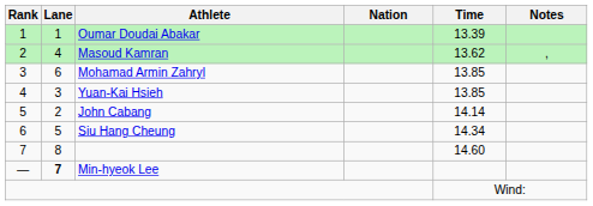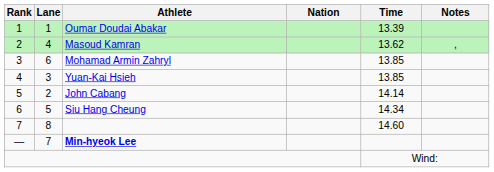 <table class="wikitable sortable" style="text-align:center;width: 60%;">
 <tr>
 <th scope="col" style="width: 10px;">Rank</th>
 <th scope="col" style="width: 10px;">Lane</th>
 <th scope="col">Athlete</th>
 <th scope="col">Nation</th>
 <th scope="col">Time</th>
 <th scope="col">Notes</th>
 </tr>
 <tr bgcolor=bbf3bb>
 <td>1</td>
 <td>1</td>
 <td align="left"><a href='#'>Oumar Doudai Abakar</a></td>
 <td align="left"></td>
 <td>13.39</td>
 <td></td>
 </tr>
 <tr bgcolor=bbf3bb>
 <td>2</td>
 <td>4</td>
 <td align="left"><a href='#'>Masoud Kamran</a></td>
 <td align="left"></td>
 <td>13.62</td>
 <td>, </td>
 </tr>
 <tr>
 <td>3</td>
 <td>6</td>
 <td align="left"><a href='#'>Mohamad Armin Zahryl</a></td>
 <td align="left"></td>
 <td>13.85 </td>
 <td></td>
 </tr>
 <tr>
 <td>4</td>
 <td>3</td>
 <td align="left"><a href='#'>Yuan-Kai Hsieh</a></td>
 <td align="left"></td>
 <td>13.85 </td>
 <td></td>
 </tr>
 <tr>
 <td>5</td>
 <td>2</td>
 <td align="left"><a href='#'>John Cabang</a></td>
 <td align="left"></td>
 <td>14.14</td>
 <td></td>
 </tr>
 <tr>
 <td>6</td>
 <td>5</td>
 <td align="left"><a href='#'>Siu Hang Cheung</a></td>
 <td align="left"></td>
 <td>14.34</td>
 <td></td>
 </tr>
 <tr>
 <td>7</td>
 <td>8</td>
 <td align="left"></td>
 <td align="left"></td>
 <td>14.60</td>
 <td></td>
 </tr>
 <tr>
 <td>—</td>
-<td><strong>7</strong></td>
-<td align="left"><a href='#'>Min-hyeok Lee</a></td>
+<td>7</td>
+<td align="left"><strong><a href='#'>Min-hyeok Lee</a></strong></td>
 <td align="left"></td>
 <td></td>
 <td></td>
 </tr>
 <tr class="sortbottom">
 <td colspan="4"></td>
 <td colspan="2">Wind: </td>
 </tr>
 </table>
